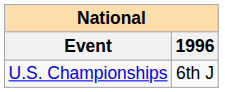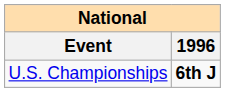 <table class="wikitable" style="text-align:center">
 <tr>
 <th style="background-color: #ffdead; " colspan=2 align=center>National</th>
 </tr>
 <tr>
 <th>Event</th>
 <th>1996</th>
 </tr>
 <tr>
 <td align=left><a href='#'>U.S. Championships</a></td>
-<td>6th J</td>
+<td><strong>6th J</strong></td>
 </tr>
 </table>
